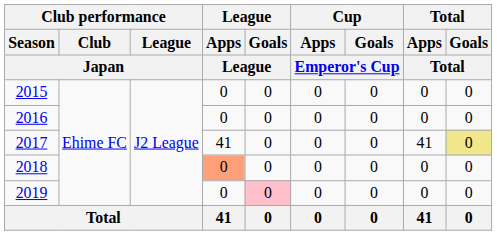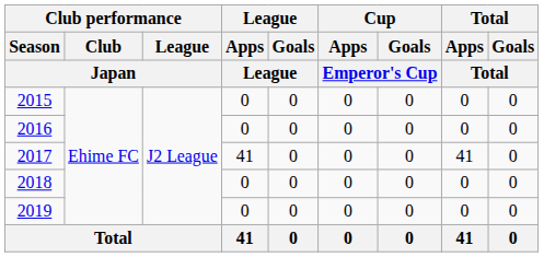 <table class="wikitable" style="text-align:center;">
 <tr>
 <th colspan=3>Club performance</th>
 <th colspan=2>League</th>
 <th colspan=2>Cup</th>
 <th colspan=2>Total</th>
 </tr>
 <tr>
 <th>Season</th>
 <th>Club</th>
 <th>League</th>
 <th>Apps</th>
 <th>Goals</th>
 <th>Apps</th>
 <th>Goals</th>
 <th>Apps</th>
 <th>Goals</th>
 </tr>
 <tr>
 <th colspan=3>Japan</th>
 <th colspan=2>League</th>
 <th colspan=2><a href='#'>Emperor's Cup</a></th>
 <th colspan=2>Total</th>
 </tr>
 <tr>
 <td><a href='#'>2015</a></td>
 <td rowspan="5"><a href='#'>Ehime FC</a></td>
 <td rowspan="5"><a href='#'>J2 League</a></td>
 <td>0</td>
 <td>0</td>
 <td>0</td>
 <td>0</td>
 <td>0</td>
 <td>0</td>
 </tr>
 <tr>
 <td><a href='#'>2016</a></td>
 <td>0</td>
 <td>0</td>
 <td>0</td>
 <td>0</td>
 <td>0</td>
 <td>0</td>
 </tr>
 <tr>
 <td><a href='#'>2017</a></td>
 <td>41</td>
 <td>0</td>
 <td>0</td>
 <td>0</td>
 <td>41</td>
-<td style="background: khaki;">0</td>
+<td>0</td>
 </tr>
 <tr>
 <td><a href='#'>2018</a></td>
-<td style="background: lightsalmon;">0</td>
+<td>0</td>
 <td>0</td>
 <td>0</td>
 <td>0</td>
 <td>0</td>
 <td>0</td>
 </tr>
 <tr>
 <td><a href='#'>2019</a></td>
 <td>0</td>
-<td style="background: pink;">0</td>
+<td>0</td>
 <td>0</td>
 <td>0</td>
 <td>0</td>
 <td>0</td>
 </tr>
 <tr>
 <th colspan=3>Total</th>
 <th>41</th>
 <th>0</th>
 <th>0</th>
 <th>0</th>
 <th>41</th>
 <th>0</th>
 </tr>
 </table>
